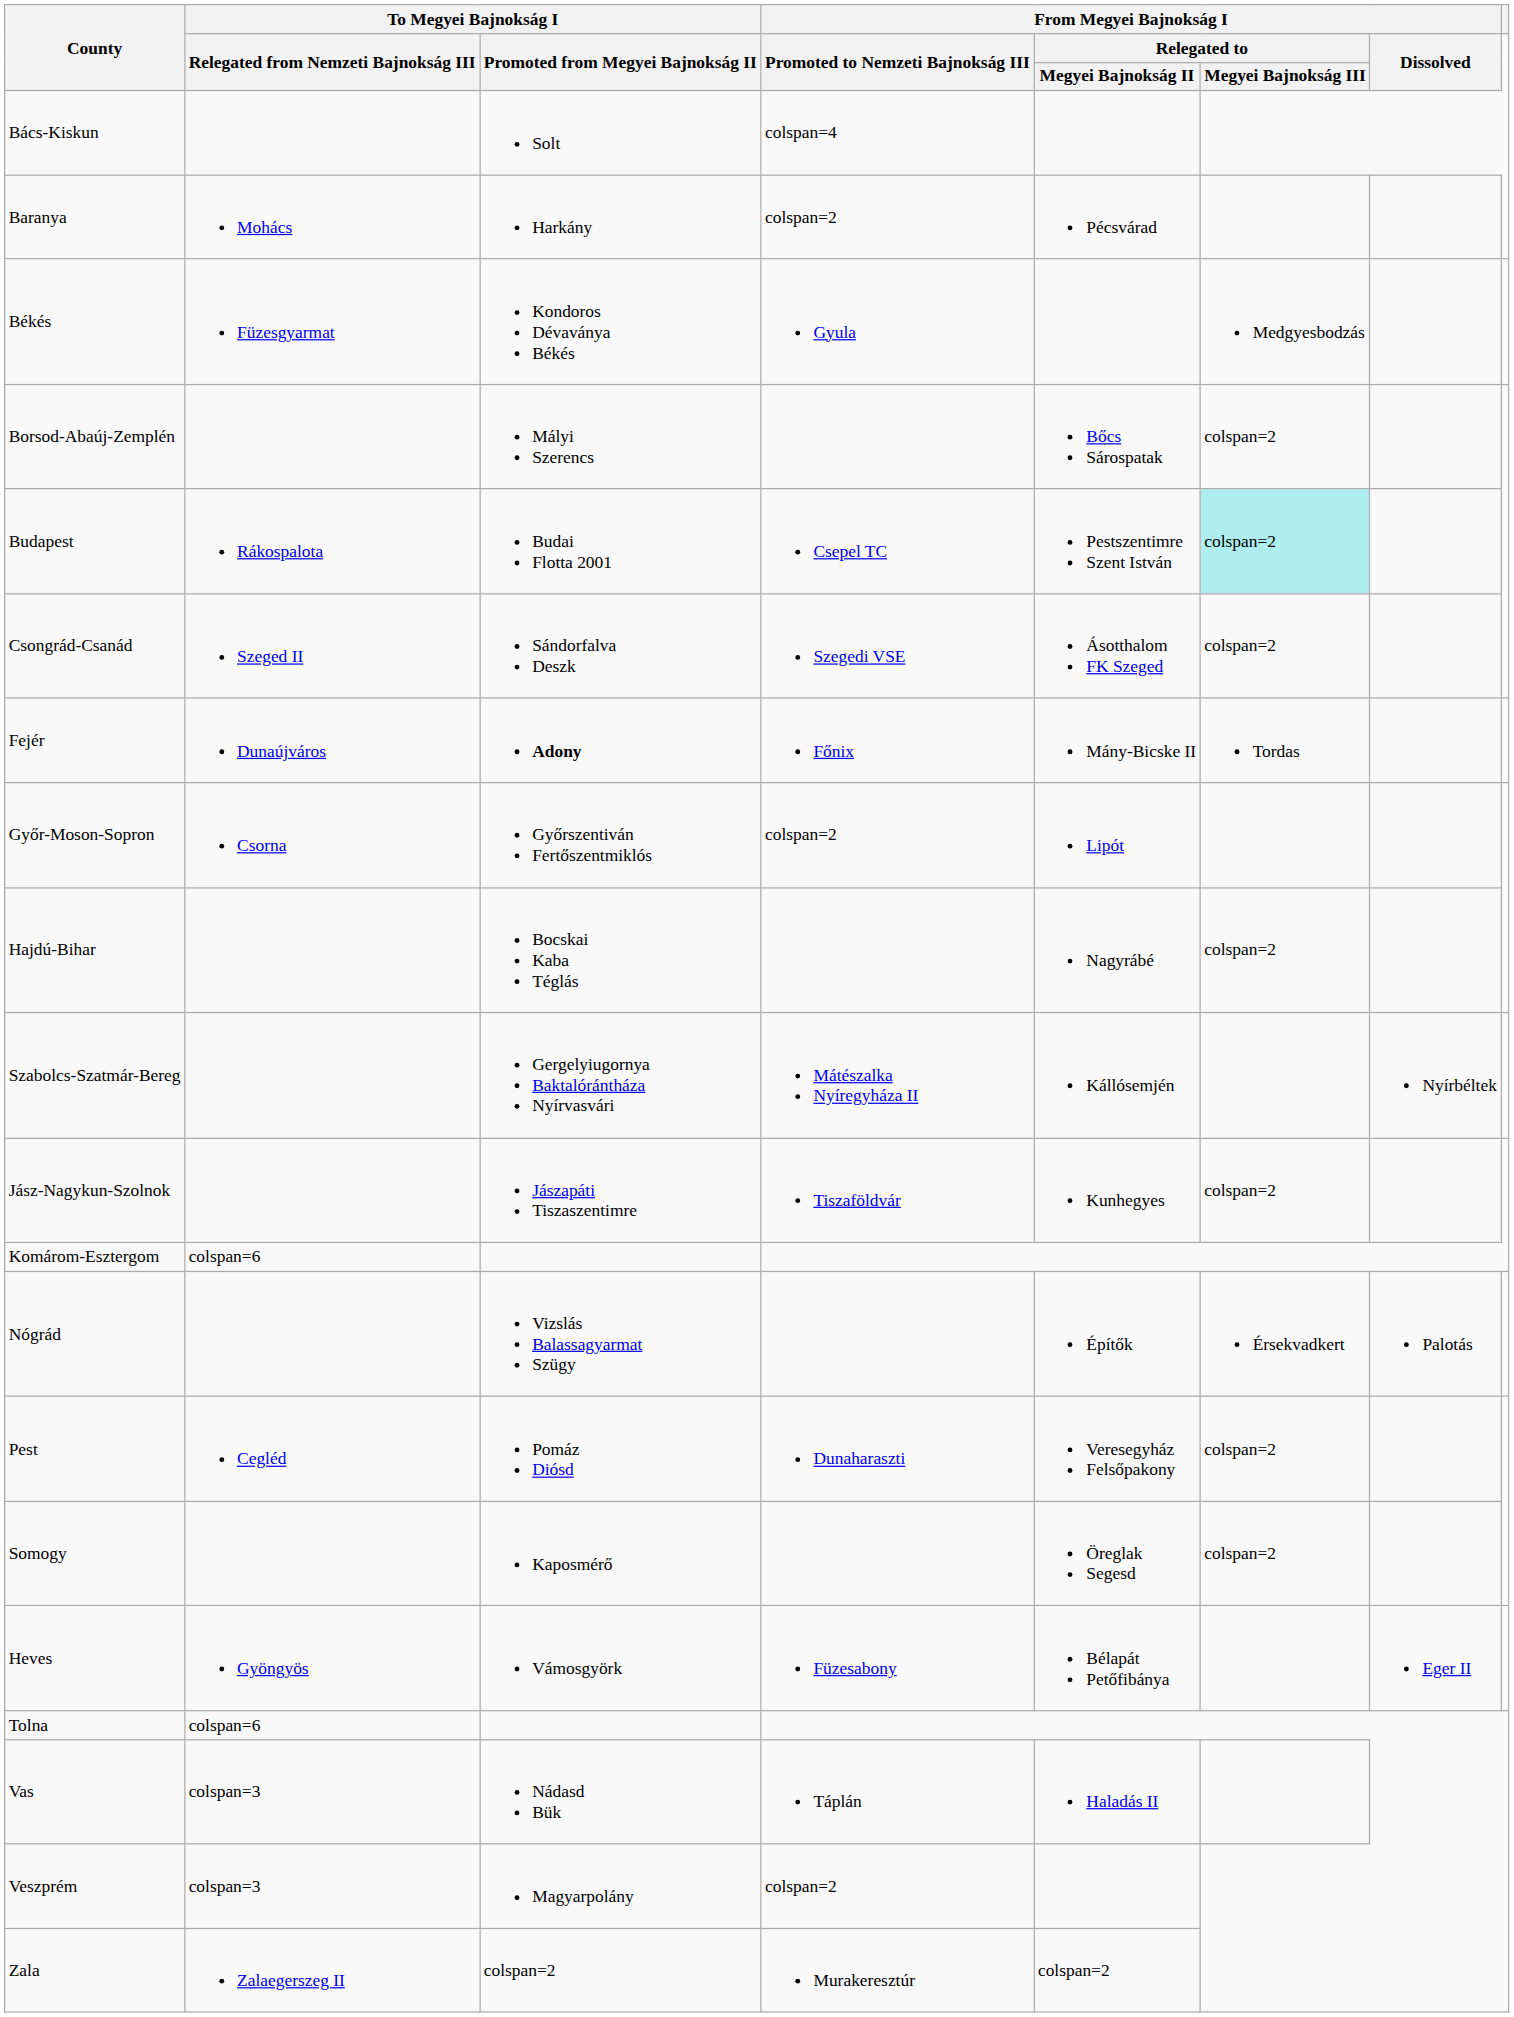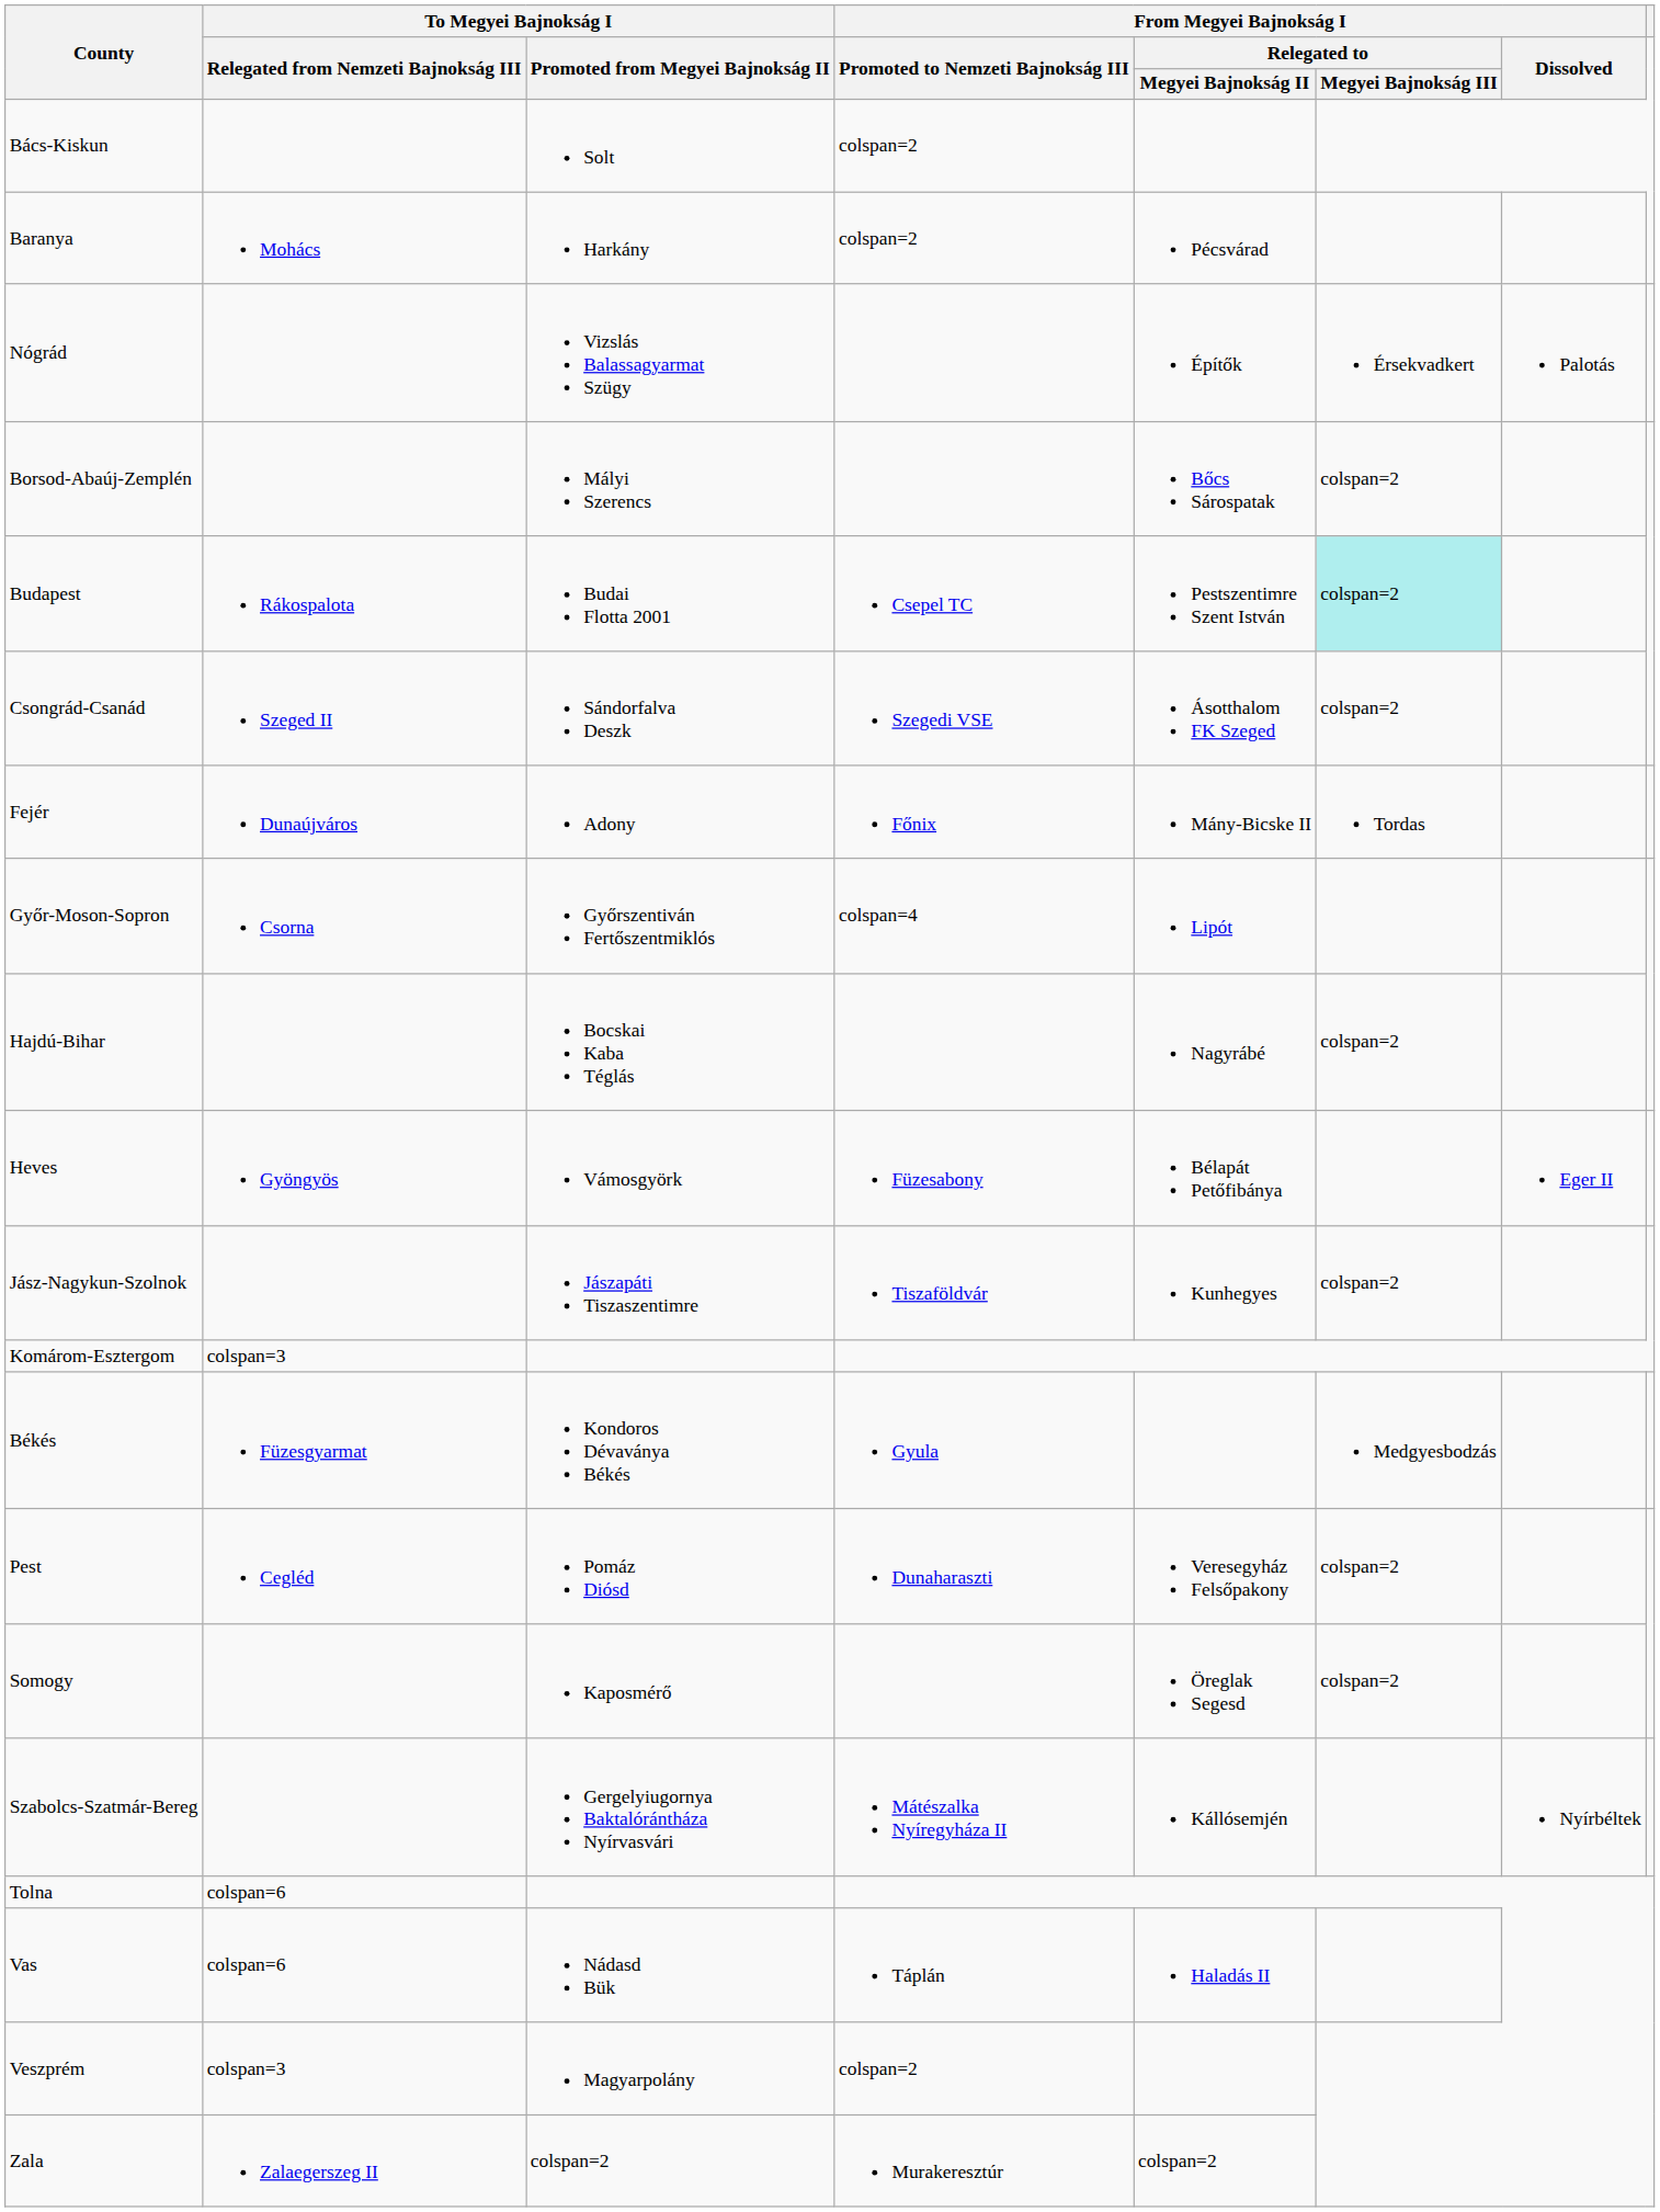 <table class="wikitable"  style="font-size:90%">
 <tr>
 <th rowspan="3">County</th>
 <th colspan="2">To Megyei Bajnokság I</th>
 <th colspan="4">From Megyei Bajnokság I</th>
 <th></th>
 </tr>
 <tr>
 <th rowspan="2">Relegated from Nemzeti Bajnokság III</th>
 <th rowspan="2">Promoted from Megyei Bajnokság II</th>
 <th rowspan="2">Promoted to Nemzeti Bajnokság III</th>
 <th colspan="2">Relegated to</th>
 <th rowspan="2">Dissolved</th>
 </tr>
 <tr>
 <th>Megyei Bajnokság II</th>
 <th>Megyei Bajnokság III</th>
 </tr>
 <tr>
 <td>Bács-Kiskun</td>
 <td></td>
 <td><br><ul><li>Solt</li></ul></td>
-<td>colspan=4 </td>
+<td>colspan=2 </td>
 <td></td>
 </tr>
 <tr>
 <td>Baranya</td>
 <td><br><ul><li><a href='#'>Mohács</a></li></ul></td>
 <td><br><ul><li>Harkány</li></ul></td>
 <td>colspan=2 </td>
 <td><br><ul><li>Pécsvárad</li></ul></td>
 <td></td>
 <td></td>
 </tr>
 <tr>
-<td>Békés</td>
-<td><br><ul><li><a href='#'>Füzesgyarmat</a></li></ul></td>
-<td><br><ul><li>Kondoros</li><li>Dévaványa</li><li>Békés</li></ul></td>
-<td><br><ul><li><a href='#'>Gyula</a></li></ul></td>
+<td>Nógrád</td>
 <td></td>
-<td><br><ul><li>Medgyesbodzás</li></ul></td>
+<td><br><ul><li>Vizslás</li><li><a href='#'>Balassagyarmat</a></li><li>Szügy</li></ul></td>
 <td></td>
+<td><br><ul><li>Építők</li></ul></td>
+<td><br><ul><li>Érsekvadkert</li></ul></td>
+<td><br><ul><li>Palotás</li></ul></td>
 <td></td>
 </tr>
 <tr>
 <td>Borsod-Abaúj-Zemplén</td>
 <td></td>
 <td><br><ul><li>Mályi</li><li>Szerencs</li></ul></td>
 <td></td>
 <td><br><ul><li><a href='#'>Bőcs</a></li><li>Sárospatak</li></ul></td>
 <td>colspan=2 </td>
 <td></td>
 </tr>
 <tr>
 <td>Budapest</td>
 <td><br><ul><li><a href='#'>Rákospalota</a></li></ul></td>
 <td><br><ul><li>Budai</li><li>Flotta 2001</li></ul></td>
 <td><br><ul><li><a href='#'>Csepel TC</a></li></ul></td>
 <td><br><ul><li>Pestszentimre</li><li>Szent István</li></ul></td>
 <td style="background: paleturquoise;">colspan=2 </td>
 <td></td>
 </tr>
 <tr>
 <td>Csongrád-Csanád</td>
 <td><br><ul><li><a href='#'>Szeged II</a></li></ul></td>
 <td><br><ul><li>Sándorfalva</li><li>Deszk</li></ul></td>
 <td><br><ul><li><a href='#'>Szegedi VSE</a></li></ul></td>
 <td><br><ul><li>Ásotthalom</li><li><a href='#'>FK Szeged</a></li></ul></td>
 <td>colspan=2 </td>
 <td></td>
 </tr>
 <tr>
 <td>Fejér</td>
 <td><br><ul><li><a href='#'>Dunaújváros</a></li></ul></td>
-<td><strong><br><ul><li>Adony</li></ul></strong></td>
+<td><br><ul><li>Adony</li></ul></td>
 <td><br><ul><li><a href='#'>Főnix</a></li></ul></td>
 <td><br><ul><li>Mány-Bicske II</li></ul></td>
 <td><br><ul><li>Tordas</li></ul></td>
 <td></td>
 <td></td>
 </tr>
 <tr>
 <td>Győr-Moson-Sopron</td>
 <td><br><ul><li><a href='#'>Csorna</a></li></ul></td>
 <td><br><ul><li>Győrszentiván</li><li>Fertőszentmiklós</li></ul></td>
-<td>colspan=2 </td>
+<td>colspan=4 </td>
 <td><br><ul><li><a href='#'>Lipót</a></li></ul></td>
 <td></td>
 <td></td>
 </tr>
 <tr>
 <td>Hajdú-Bihar</td>
 <td></td>
 <td><br><ul><li>Bocskai</li><li>Kaba</li><li>Téglás</li></ul></td>
 <td></td>
 <td><br><ul><li>Nagyrábé</li></ul></td>
 <td>colspan=2 </td>
 <td></td>
 </tr>
 <tr>
-<td>Szabolcs-Szatmár-Bereg</td>
+<td>Heves</td>
+<td><br><ul><li><a href='#'>Gyöngyös</a></li></ul></td>
+<td><br><ul><li>Vámosgyörk</li></ul></td>
+<td><br><ul><li><a href='#'>Füzesabony</a></li></ul></td>
+<td><br><ul><li>Bélapát</li><li>Petőfibánya</li></ul></td>
 <td></td>
-<td><br><ul><li>Gergelyiugornya</li><li><a href='#'>Baktalórántháza</a></li><li>Nyírvasvári</li></ul></td>
-<td><br><ul><li><a href='#'>Mátészalka</a></li><li><a href='#'>Nyíregyháza II</a></li></ul></td>
-<td><br><ul><li>Kállósemjén</li></ul></td>
-<td></td>
-<td><br><ul><li>Nyírbéltek</li></ul></td>
+<td><br><ul><li><a href='#'>Eger II</a></li></ul></td>
 <td></td>
 </tr>
 <tr>
 <td>Jász-Nagykun-Szolnok</td>
 <td></td>
 <td><br><ul><li><a href='#'>Jászapáti</a></li><li>Tiszaszentimre</li></ul></td>
 <td><br><ul><li><a href='#'>Tiszaföldvár</a></li></ul></td>
 <td><br><ul><li>Kunhegyes</li></ul></td>
 <td>colspan=2 </td>
 <td></td>
 </tr>
 <tr>
 <td>Komárom-Esztergom</td>
-<td>colspan=6 </td>
+<td>colspan=3 </td>
 <td></td>
 </tr>
 <tr>
-<td>Nógrád</td>
+<td>Békés</td>
+<td><br><ul><li><a href='#'>Füzesgyarmat</a></li></ul></td>
+<td><br><ul><li>Kondoros</li><li>Dévaványa</li><li>Békés</li></ul></td>
+<td><br><ul><li><a href='#'>Gyula</a></li></ul></td>
 <td></td>
-<td><br><ul><li>Vizslás</li><li><a href='#'>Balassagyarmat</a></li><li>Szügy</li></ul></td>
+<td><br><ul><li>Medgyesbodzás</li></ul></td>
 <td></td>
-<td><br><ul><li>Építők</li></ul></td>
-<td><br><ul><li>Érsekvadkert</li></ul></td>
-<td><br><ul><li>Palotás</li></ul></td>
 <td></td>
 </tr>
 <tr>
 <td>Pest</td>
 <td><br><ul><li><a href='#'>Cegléd</a></li></ul></td>
 <td><br><ul><li>Pomáz</li><li><a href='#'>Diósd</a></li></ul></td>
 <td><br><ul><li><a href='#'>Dunaharaszti</a></li></ul></td>
 <td><br><ul><li>Veresegyház</li><li>Felsőpakony</li></ul></td>
 <td>colspan=2 </td>
 <td></td>
 </tr>
 <tr>
 <td>Somogy</td>
 <td></td>
 <td><br><ul><li>Kaposmérő</li></ul></td>
 <td></td>
 <td><br><ul><li>Öreglak</li><li>Segesd</li></ul></td>
 <td>colspan=2 </td>
 <td></td>
 </tr>
 <tr>
-<td>Heves</td>
-<td><br><ul><li><a href='#'>Gyöngyös</a></li></ul></td>
-<td><br><ul><li>Vámosgyörk</li></ul></td>
-<td><br><ul><li><a href='#'>Füzesabony</a></li></ul></td>
-<td><br><ul><li>Bélapát</li><li>Petőfibánya</li></ul></td>
+<td>Szabolcs-Szatmár-Bereg</td>
 <td></td>
-<td><br><ul><li><a href='#'>Eger II</a></li></ul></td>
+<td><br><ul><li>Gergelyiugornya</li><li><a href='#'>Baktalórántháza</a></li><li>Nyírvasvári</li></ul></td>
+<td><br><ul><li><a href='#'>Mátészalka</a></li><li><a href='#'>Nyíregyháza II</a></li></ul></td>
+<td><br><ul><li>Kállósemjén</li></ul></td>
+<td></td>
+<td><br><ul><li>Nyírbéltek</li></ul></td>
 <td></td>
 </tr>
 <tr>
 <td>Tolna</td>
 <td>colspan=6 </td>
 <td></td>
 </tr>
 <tr>
 <td>Vas</td>
-<td>colspan=3 </td>
+<td>colspan=6 </td>
 <td><br><ul><li>Nádasd</li><li>Bük</li></ul></td>
 <td><br><ul><li>Táplán</li></ul></td>
 <td><br><ul><li><a href='#'>Haladás II</a></li></ul></td>
 <td></td>
 </tr>
 <tr>
 <td>Veszprém</td>
 <td>colspan=3 </td>
 <td><br><ul><li>Magyarpolány</li></ul></td>
 <td>colspan=2 </td>
 <td></td>
 </tr>
 <tr>
 <td>Zala</td>
 <td><br><ul><li><a href='#'>Zalaegerszeg II</a></li></ul></td>
 <td>colspan=2 </td>
 <td><br><ul><li>Murakeresztúr</li></ul></td>
 <td>colspan=2 </td>
 </tr>
 </table>
